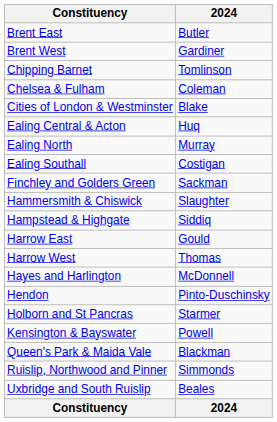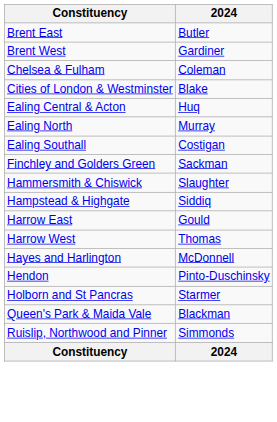 <table class="wikitable">
 <tr>
 <th>Constituency</th>
 <th>2024</th>
 </tr>
 <tr>
 <td><a href='#'>Brent East</a></td>
 <td><a href='#'>Butler</a></td>
 </tr>
 <tr>
 <td><a href='#'>Brent West</a></td>
 <td><a href='#'>Gardiner</a></td>
-</tr>
-<tr>
-<td><a href='#'>Chipping Barnet</a></td>
-<td><a href='#'>Tomlinson</a></td>
 </tr>
 <tr>
 <td><a href='#'>Chelsea & Fulham</a></td>
 <td><a href='#'>Coleman</a></td>
 </tr>
 <tr>
 <td><a href='#'>Cities of London & Westminster</a></td>
 <td><a href='#'>Blake</a></td>
 </tr>
 <tr>
 <td><a href='#'>Ealing Central & Acton</a></td>
 <td><a href='#'>Huq</a></td>
 </tr>
 <tr>
 <td><a href='#'>Ealing North</a></td>
 <td><a href='#'>Murray</a></td>
 </tr>
 <tr>
 <td><a href='#'>Ealing Southall</a></td>
 <td><a href='#'>Costigan</a></td>
 </tr>
 <tr>
 <td><a href='#'>Finchley and Golders Green</a></td>
 <td><a href='#'>Sackman</a></td>
 </tr>
 <tr>
 <td><a href='#'>Hammersmith & Chiswick</a></td>
 <td><a href='#'>Slaughter</a></td>
 </tr>
 <tr>
 <td><a href='#'>Hampstead & Highgate</a></td>
 <td><a href='#'>Siddiq</a></td>
 </tr>
 <tr>
 <td><a href='#'>Harrow East</a></td>
 <td><a href='#'>Gould</a></td>
 </tr>
 <tr>
 <td><a href='#'>Harrow West</a></td>
 <td><a href='#'>Thomas</a></td>
 </tr>
 <tr>
 <td><a href='#'>Hayes and Harlington</a></td>
 <td><a href='#'>McDonnell</a></td>
 </tr>
 <tr>
 <td><a href='#'>Hendon</a></td>
 <td><a href='#'>Pinto-Duschinsky</a></td>
 </tr>
 <tr>
 <td><a href='#'>Holborn and St Pancras</a></td>
 <td><a href='#'>Starmer</a></td>
 </tr>
 <tr>
-<td><a href='#'>Kensington & Bayswater</a></td>
-<td><a href='#'>Powell</a></td>
-</tr>
-<tr>
 <td><a href='#'>Queen's Park & Maida Vale</a></td>
 <td><a href='#'>Blackman</a></td>
 </tr>
 <tr>
 <td><a href='#'>Ruislip, Northwood and Pinner</a></td>
 <td><a href='#'>Simmonds</a></td>
 </tr>
 <tr>
-<td><a href='#'>Uxbridge and South Ruislip</a></td>
-<td><a href='#'>Beales</a></td>
-</tr>
-<tr>
 <th>Constituency</th>
 <th>2024</th>
 </tr>
 </table>
